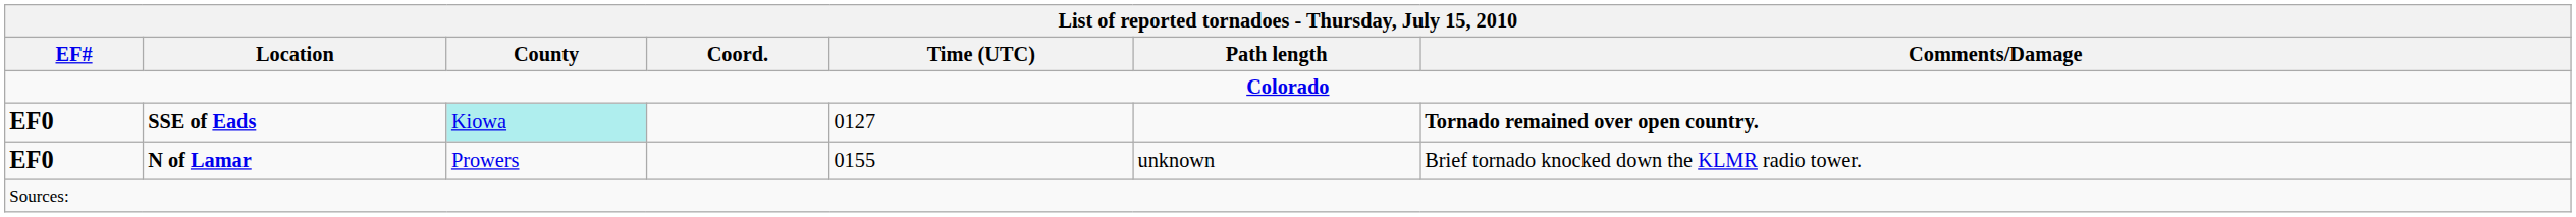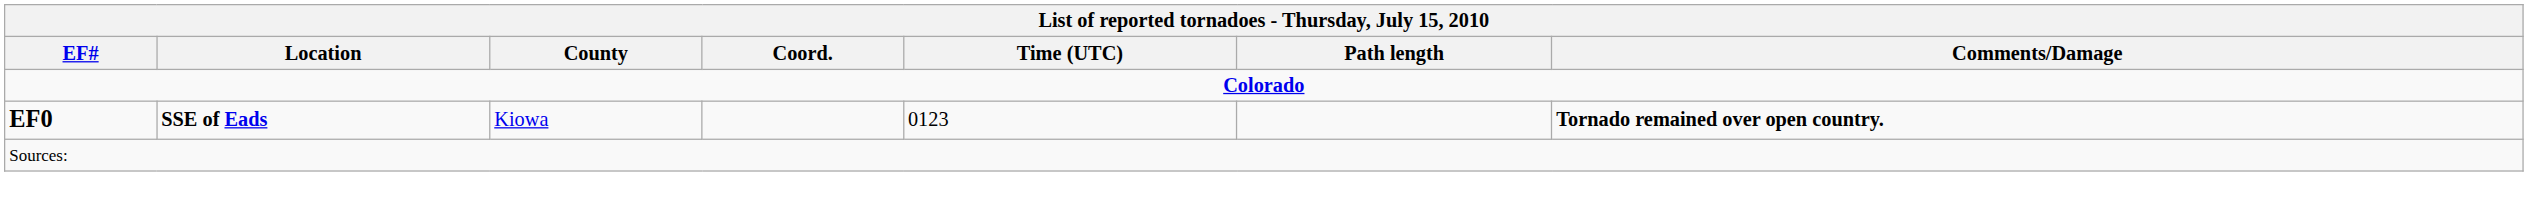 <table class="wikitable collapsible" style="width:100%;">
 <tr>
 <th colspan="7">List of reported tornadoes - Thursday, July 15, 2010</th>
 </tr>
 <tr>
 <th><a href='#'>EF#</a></th>
 <th>Location</th>
 <th>County</th>
 <th>Coord.</th>
 <th>Time (UTC)</th>
 <th>Path length</th>
 <th>Comments/Damage</th>
 </tr>
 <tr>
 <td colspan="7" style="text-align:center;"><strong><a href='#'>Colorado</a></strong></td>
 </tr>
 <tr>
 <td><big><strong>EF0</strong></big></td>
 <td><strong>SSE of <a href='#'>Eads</a></strong></td>
-<td style="background: paleturquoise;"><a href='#'>Kiowa</a></td>
+<td><a href='#'>Kiowa</a></td>
 <td></td>
-<td>0127</td>
+<td>0123</td>
 <td></td>
 <td><strong>Tornado remained over open country.</strong></td>
-</tr>
-<tr>
-<td><big><strong>EF0</strong></big></td>
-<td><strong>N of <a href='#'>Lamar</a></strong></td>
-<td><a href='#'>Prowers</a></td>
-<td></td>
-<td>0155</td>
-<td>unknown</td>
-<td>Brief tornado knocked down the <a href='#'>KLMR</a> radio tower.</td>
 </tr>
 <tr>
 <td colspan="7"><small>Sources: </small></td>
 </tr>
 </table>
